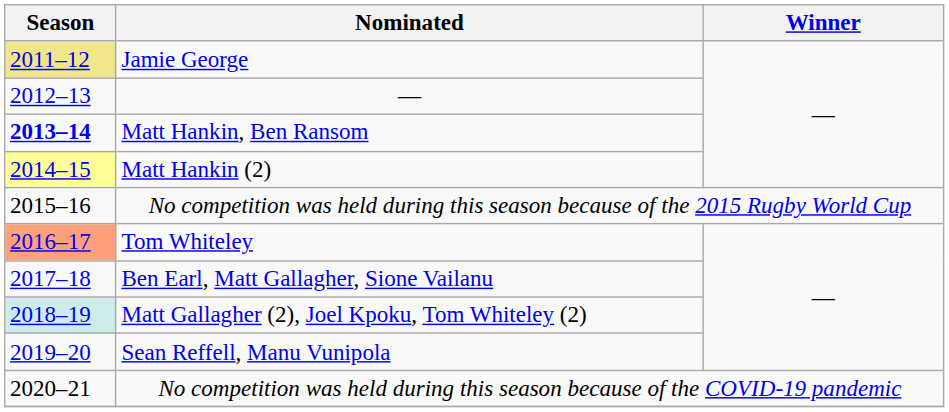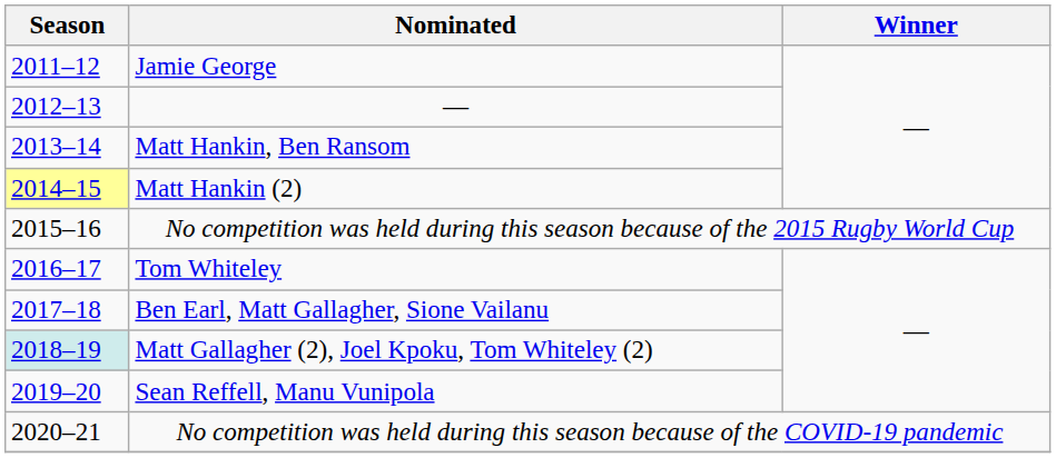 <table class="wikitable sticky-header">
 <tr>
 <th width=70>Season</th>
 <th width=400>Nominated</th>
 <th width=160><a href='#'>Winner</a></th>
 </tr>
 <tr>
-<td style="background: khaki;"><a href='#'>2011–12</a></td>
+<td><a href='#'>2011–12</a></td>
 <td> <a href='#'>Jamie George</a></td>
 <td align=center rowspan=4>—</td>
 </tr>
 <tr>
 <td><a href='#'>2012–13</a></td>
 <td align=center>—</td>
 </tr>
 <tr>
-<td><strong><a href='#'>2013–14</a></strong></td>
+<td><a href='#'>2013–14</a></td>
 <td> <a href='#'>Matt Hankin</a>,  <a href='#'>Ben Ransom</a></td>
 </tr>
 <tr>
 <td style="background:#FFFF99"><a href='#'>2014–15</a></td>
 <td> <a href='#'>Matt Hankin</a> (2)</td>
 </tr>
 <tr>
 <td>2015–16</td>
 <td colspan=2 align=center><em>No competition was held during this season because of the <a href='#'>2015 Rugby World Cup</a></em></td>
 </tr>
 <tr>
-<td style="background: lightsalmon;"><a href='#'>2016–17</a></td>
+<td><a href='#'>2016–17</a></td>
 <td> <a href='#'>Tom Whiteley</a></td>
 <td align=center rowspan=4>—</td>
 </tr>
 <tr>
 <td><a href='#'>2017–18</a></td>
 <td> <a href='#'>Ben Earl</a>,  <a href='#'>Matt Gallagher</a>,  <a href='#'>Sione Vailanu</a></td>
 </tr>
 <tr>
 <td style="background:#CFECEC"><a href='#'>2018–19</a><small></small></td>
 <td> <a href='#'>Matt Gallagher</a> (2),  <a href='#'>Joel Kpoku</a>,  <a href='#'>Tom Whiteley</a> (2)</td>
 </tr>
 <tr>
 <td><a href='#'>2019–20</a></td>
 <td> <a href='#'>Sean Reffell</a>,  <a href='#'>Manu Vunipola</a></td>
 </tr>
 <tr>
 <td>2020–21</td>
 <td colspan=2 align=center><em>No competition was held during this season because of the <a href='#'>COVID-19 pandemic</a></em></td>
 </tr>
 <tr>
 </tr>
 </table>
